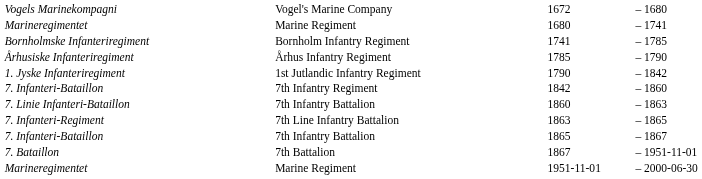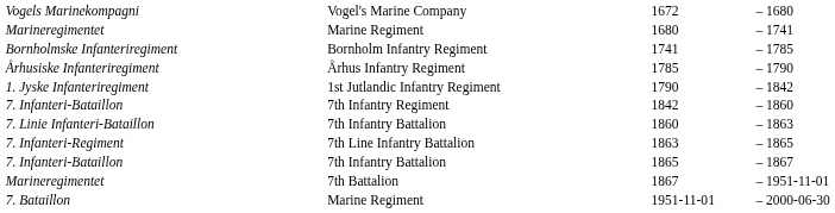 <table class="toccolours" style="float: auto; clear: right; margin: 0 0 0.5em 1em;">
 <tr style="vertical-align: top;">
 <td><em>Vogels Marinekompagni</em></td>
 <td>Vogel's Marine Company</td>
 <td width="12%">1672</td>
 <td width="1%">–</td>
 <td width="12%">1680</td>
 </tr>
 <tr style="vertical-align: top;">
 <td><em>Marineregimentet</em></td>
 <td>Marine Regiment</td>
 <td width="12%">1680</td>
 <td width="1%">–</td>
 <td width="12%">1741</td>
 </tr>
 <tr style="vertical-align: top;">
 <td><em>Bornholmske Infanteriregiment</em></td>
 <td>Bornholm Infantry Regiment</td>
 <td width="12%">1741</td>
 <td width="1%">–</td>
 <td width="12%">1785</td>
 </tr>
 <tr style="vertical-align: top;">
 <td><em>Århusiske Infanteriregiment</em></td>
 <td>Århus Infantry Regiment</td>
 <td width="12%">1785</td>
 <td width="1%">–</td>
 <td width="12%">1790</td>
 </tr>
 <tr style="vertical-align: top;">
 <td><em>1. Jyske Infanteriregiment</em></td>
 <td>1st Jutlandic Infantry Regiment</td>
 <td width="12%">1790</td>
 <td width="1%">–</td>
 <td width="12%">1842</td>
 </tr>
 <tr style="vertical-align: top;">
 <td><em>7. Infanteri-Bataillon</em></td>
 <td>7th Infantry Regiment</td>
 <td width="12%">1842</td>
 <td width="1%">–</td>
 <td width="12%">1860</td>
 </tr>
 <tr style="vertical-align: top;">
 <td><em>7. Linie Infanteri-Bataillon</em></td>
 <td>7th Infantry Battalion</td>
 <td width="12%">1860</td>
 <td width="1%">–</td>
 <td width="12%">1863</td>
 </tr>
 <tr style="vertical-align: top;">
 <td><em>7. Infanteri-Regiment</em></td>
 <td>7th Line Infantry Battalion</td>
 <td width="12%">1863</td>
 <td width="1%">–</td>
 <td width="12%">1865</td>
 </tr>
 <tr style="vertical-align: top;">
 <td><em>7. Infanteri-Bataillon</em></td>
 <td>7th Infantry Battalion</td>
 <td width="12%">1865</td>
 <td width="1%">–</td>
 <td width="12%">1867</td>
 </tr>
 <tr style="vertical-align: top;">
-<td><em>7. Bataillon</em></td>
+<td><em>Marineregimentet</em></td>
 <td>7th Battalion</td>
 <td width="12%">1867</td>
 <td width="1%">–</td>
 <td width="12%">1951-11-01</td>
 </tr>
 <tr style="vertical-align: top;">
-<td><em>Marineregimentet</em></td>
+<td><em>7. Bataillon</em></td>
 <td>Marine Regiment</td>
 <td width="12%">1951-11-01</td>
 <td width="1%">–</td>
 <td width="12%">2000-06-30</td>
 </tr>
 </table>
